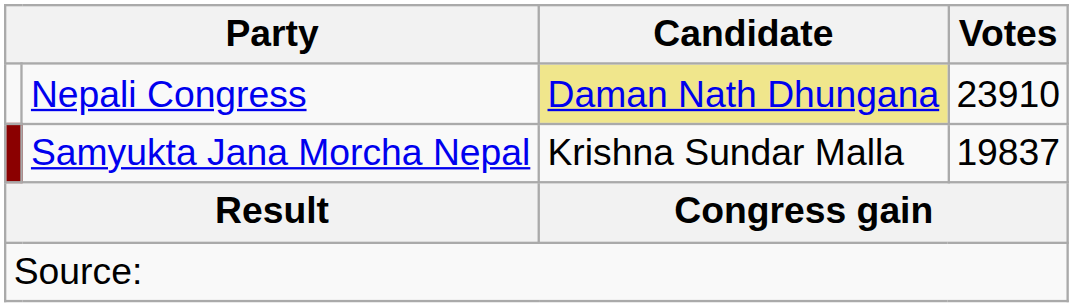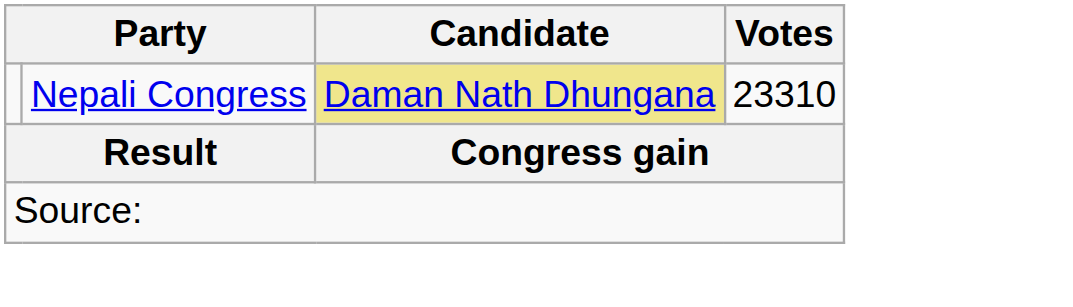 <table class="wikitable">
 <tr>
 <th colspan="2">Party</th>
 <th>Candidate</th>
 <th>Votes</th>
 </tr>
 <tr>
 <td style="color:inherit;background:"></td>
 <td><a href='#'>Nepali Congress</a></td>
 <td style="background: khaki;"><a href='#'>Daman Nath Dhungana</a></td>
-<td>23910</td>
-</tr>
-<tr>
-<td bgcolor="darkred"></td>
-<td><a href='#'>Samyukta Jana Morcha Nepal</a></td>
-<td>Krishna Sundar Malla</td>
-<td>19837</td>
+<td>23310</td>
 </tr>
 <tr>
 <th colspan="2">Result</th>
 <th colspan="2">Congress gain</th>
 </tr>
 <tr>
 <td colspan="4">Source: </td>
 </tr>
 </table>
